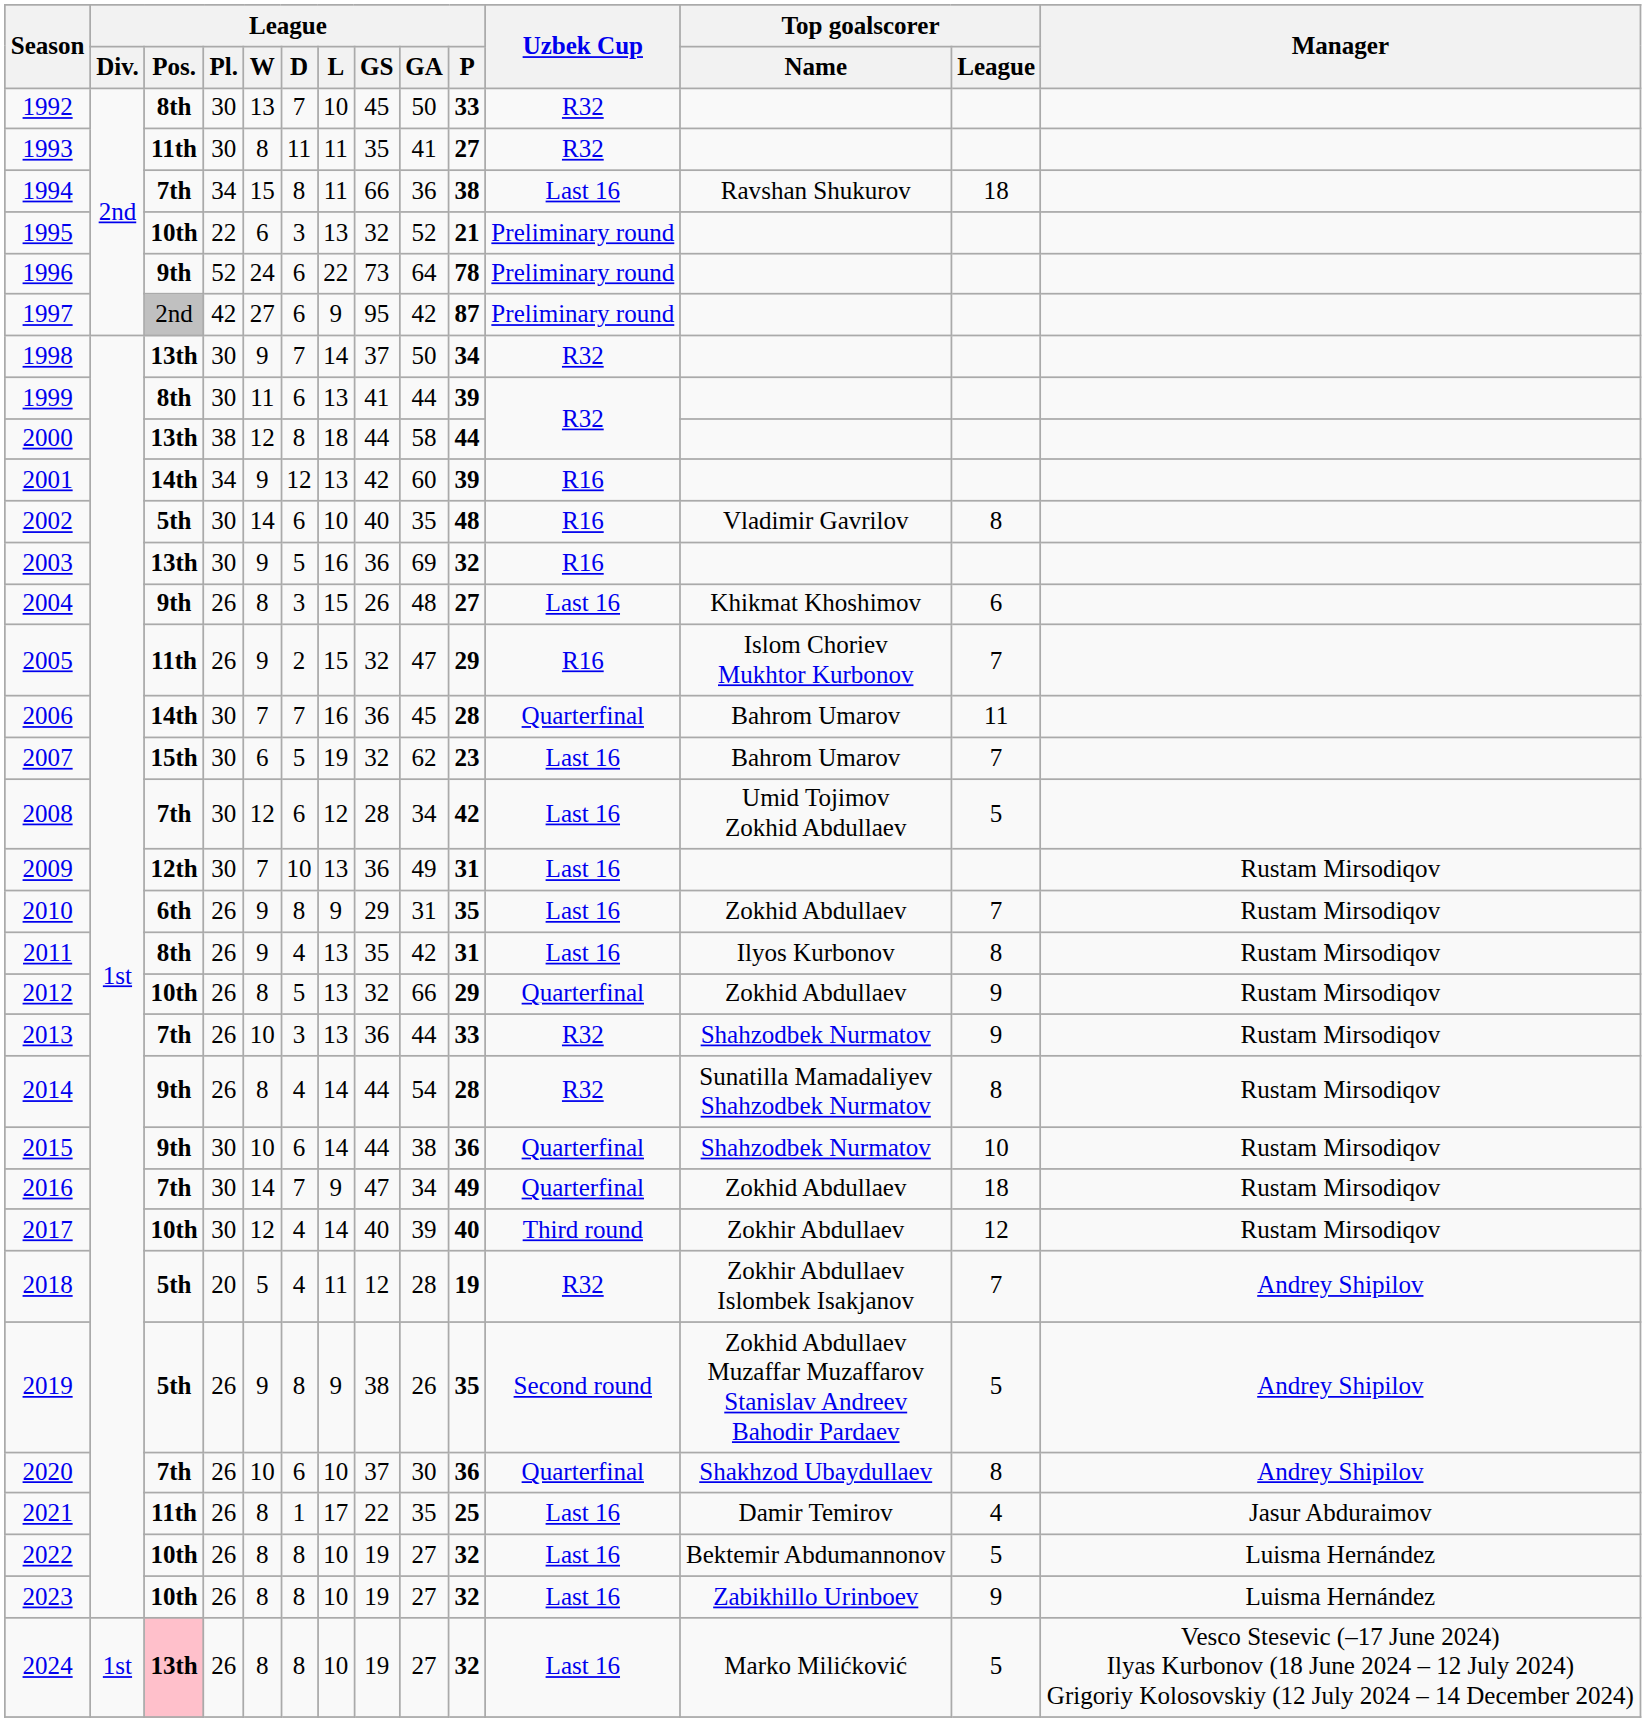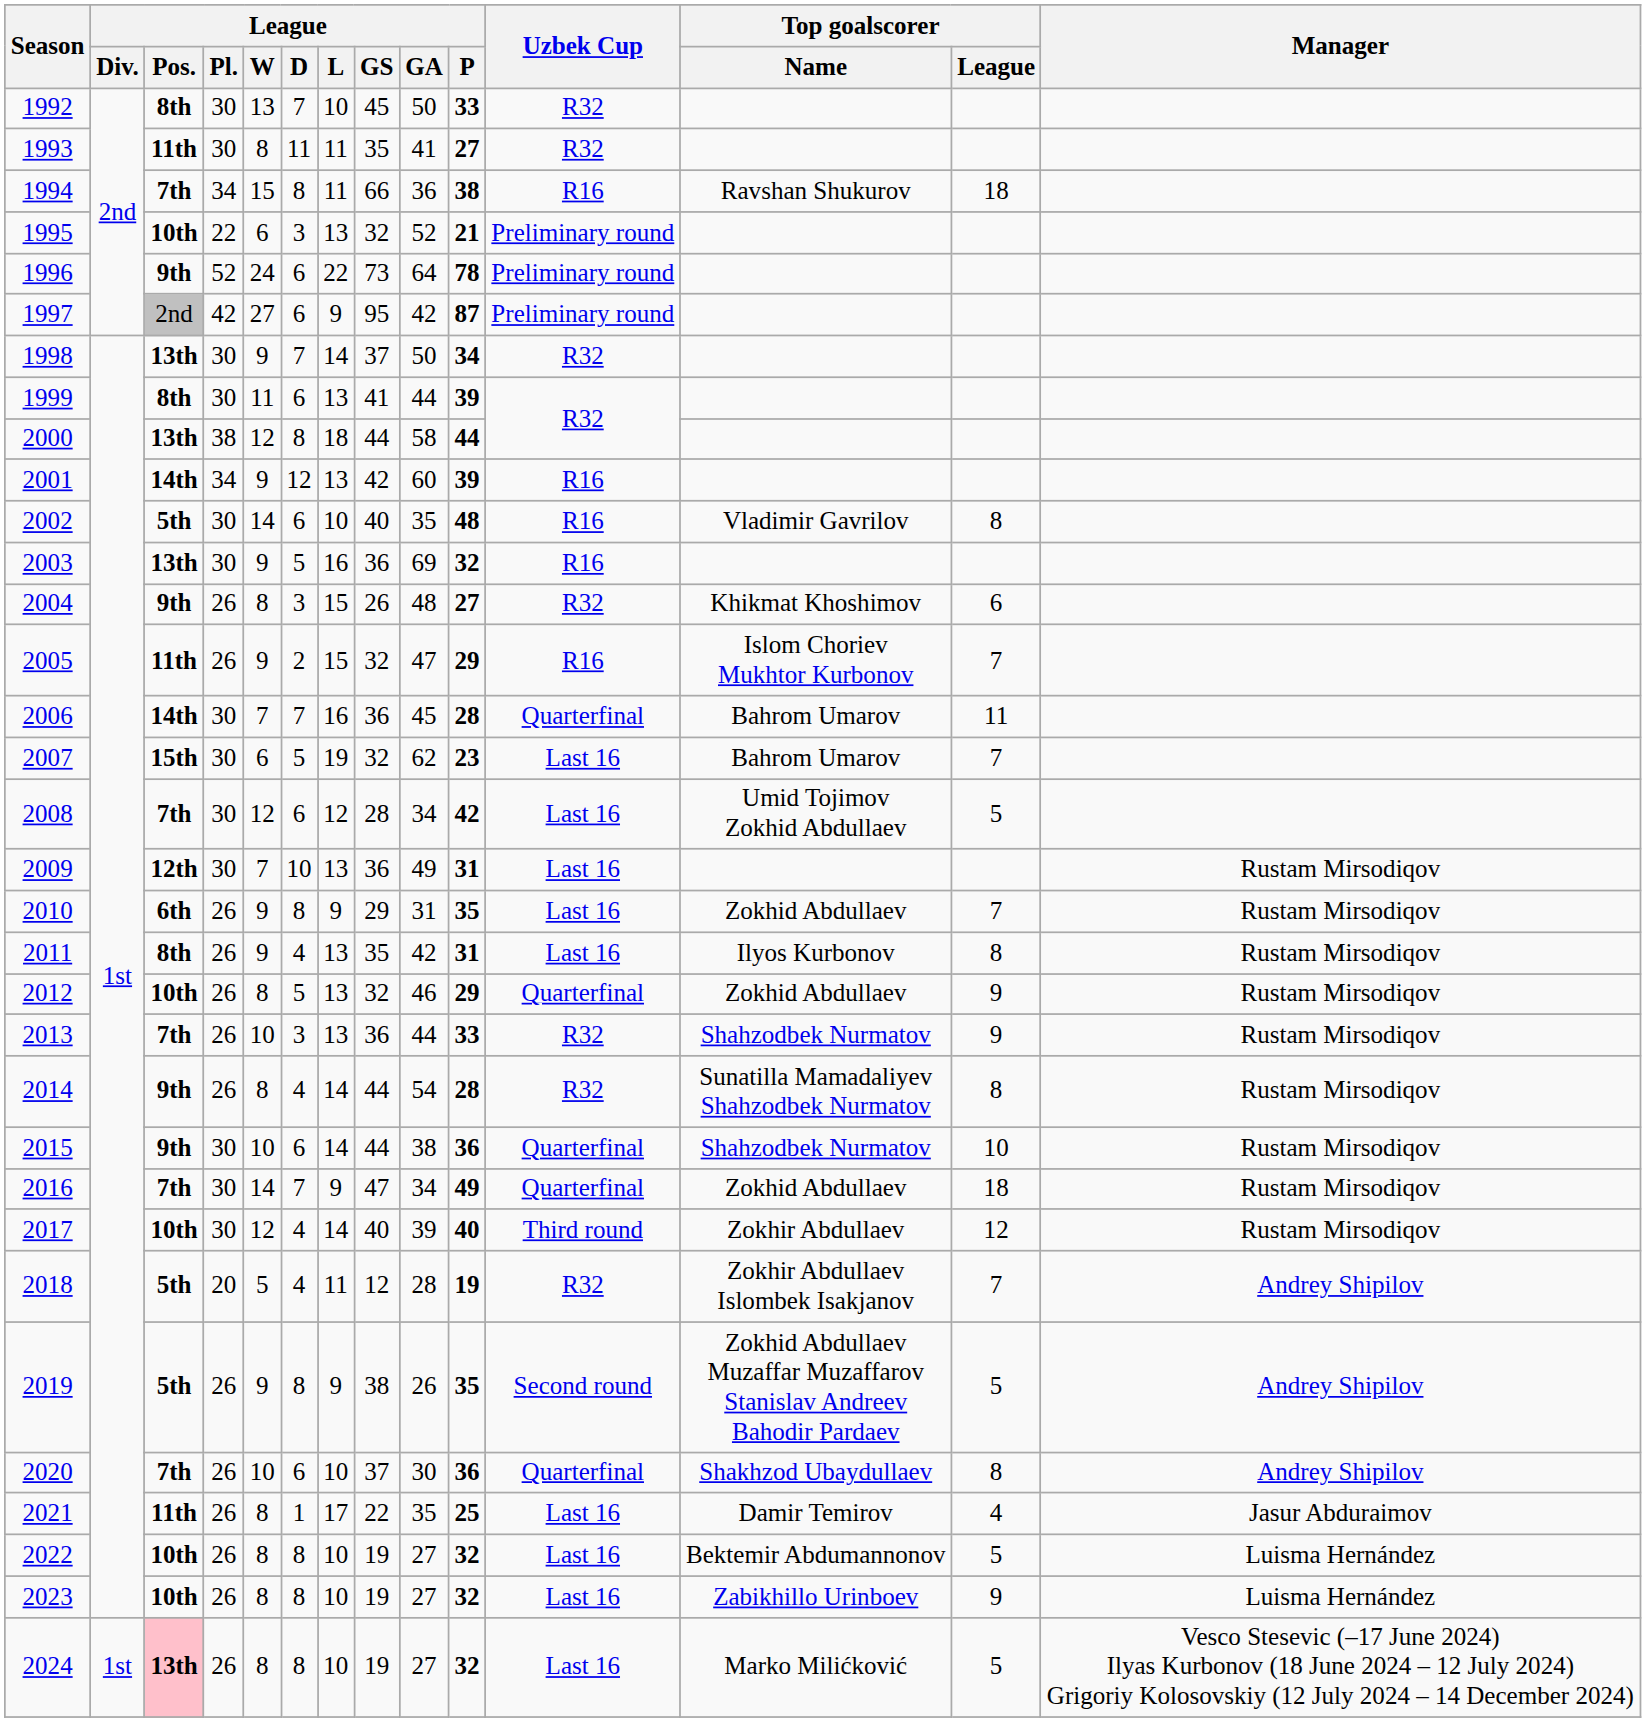 <table class="wikitable mw-collapsible mw-collapsed" align=center cellspacing="0" cellpadding="3" style="border:1px solid #AAAAAA;font-size:90%">
 <tr style="background:#efefef;">
 <th rowspan="2">Season</th>
 <th colspan="9">League</th>
 <th rowspan="2"><a href='#'>Uzbek Cup</a></th>
 <th colspan="2">Top goalscorer</th>
 <th rowspan="2">Manager</th>
 </tr>
 <tr>
 <th>Div.</th>
 <th>Pos.</th>
 <th>Pl.</th>
 <th>W</th>
 <th>D</th>
 <th>L</th>
 <th>GS</th>
 <th>GA</th>
 <th>P</th>
 <th>Name</th>
 <th>League</th>
 </tr>
 <tr>
 <td align=center><a href='#'>1992</a></td>
 <td rowspan=6 align=center><a href='#'>2nd</a></td>
 <td align=center><strong>8th</strong></td>
 <td align=center>30</td>
 <td align=center>13</td>
 <td align=center>7</td>
 <td align=center>10</td>
 <td align=center>45</td>
 <td align=center>50</td>
 <td align=center><strong>33</strong></td>
 <td align=center><a href='#'>R32</a></td>
 <td align=center></td>
 <td align=center></td>
 <td align=center></td>
 </tr>
 <tr>
 <td align=center><a href='#'>1993</a></td>
 <td align=center><strong>11th</strong></td>
 <td align=center>30</td>
 <td align=center>8</td>
 <td align=center>11</td>
 <td align=center>11</td>
 <td align=center>35</td>
 <td align=center>41</td>
 <td align=center><strong>27</strong></td>
 <td align=center><a href='#'>R32</a></td>
 <td align=center></td>
 <td align=center></td>
 <td align=center></td>
 </tr>
 <tr>
 <td align=center><a href='#'>1994</a></td>
 <td align=center><strong>7th</strong></td>
 <td align=center>34</td>
 <td align=center>15</td>
 <td align=center>8</td>
 <td align=center>11</td>
 <td align=center>66</td>
 <td align=center>36</td>
 <td align=center><strong>38</strong></td>
-<td align=center><a href='#'>Last 16</a></td>
+<td align=center><a href='#'>R16</a></td>
 <td align=center> Ravshan Shukurov</td>
 <td align=center>18</td>
 <td align=center></td>
 </tr>
 <tr>
 <td align=center><a href='#'>1995</a></td>
 <td align=center><strong>10th</strong></td>
 <td align=center>22</td>
 <td align=center>6</td>
 <td align=center>3</td>
 <td align=center>13</td>
 <td align=center>32</td>
 <td align=center>52</td>
 <td align=center><strong>21</strong></td>
 <td align=center><a href='#'>Preliminary round</a></td>
 <td align=center></td>
 <td align=center></td>
 <td align=center></td>
 </tr>
 <tr>
 <td align=center><a href='#'>1996</a></td>
 <td align=center><strong>9th</strong></td>
 <td align=center>52</td>
 <td align=center>24</td>
 <td align=center>6</td>
 <td align=center>22</td>
 <td align=center>73</td>
 <td align=center>64</td>
 <td align=center><strong>78</strong></td>
 <td align=center><a href='#'>Preliminary round</a></td>
 <td align=center></td>
 <td align=center></td>
 <td align=center></td>
 </tr>
 <tr>
 <td align=center><a href='#'>1997</a></td>
 <td style="text-align:center; background:silver;">2nd</td>
 <td align=center>42</td>
 <td align=center>27</td>
 <td align=center>6</td>
 <td align=center>9</td>
 <td align=center>95</td>
 <td align=center>42</td>
 <td align=center><strong>87</strong></td>
 <td align=center><a href='#'>Preliminary round</a></td>
 <td align=center></td>
 <td align=center></td>
 <td align=center></td>
 </tr>
 <tr>
 <td align=center><a href='#'>1998</a></td>
 <td rowspan=26 align=center><a href='#'>1st</a></td>
 <td align=center><strong>13th</strong></td>
 <td align=center>30</td>
 <td align=center>9</td>
 <td align=center>7</td>
 <td align=center>14</td>
 <td align=center>37</td>
 <td align=center>50</td>
 <td align=center><strong>34</strong></td>
 <td align=center><a href='#'>R32</a></td>
 <td align=center></td>
 <td align=center></td>
 <td align=center></td>
 </tr>
 <tr>
 <td align=center><a href='#'>1999</a></td>
 <td align=center><strong>8th</strong></td>
 <td align=center>30</td>
 <td align=center>11</td>
 <td align=center>6</td>
 <td align=center>13</td>
 <td align=center>41</td>
 <td align=center>44</td>
 <td align=center><strong>39</strong></td>
 <td rowspan="2" align=center><a href='#'>R32</a></td>
 <td align=center></td>
 <td align=center></td>
 <td align=center></td>
 </tr>
 <tr>
 <td align=center><a href='#'>2000</a></td>
 <td align=center><strong>13th</strong></td>
 <td align=center>38</td>
 <td align=center>12</td>
 <td align=center>8</td>
 <td align=center>18</td>
 <td align=center>44</td>
 <td align=center>58</td>
 <td align=center><strong>44</strong></td>
 <td align=center></td>
 <td align=center></td>
 <td align=center></td>
 </tr>
 <tr>
 <td align=center><a href='#'>2001</a></td>
 <td align=center><strong>14th</strong></td>
 <td align=center>34</td>
 <td align=center>9</td>
 <td align=center>12</td>
 <td align=center>13</td>
 <td align=center>42</td>
 <td align=center>60</td>
 <td align=center><strong>39</strong></td>
 <td align=center><a href='#'>R16</a></td>
 <td align=center></td>
 <td align=center></td>
 <td align=center></td>
 </tr>
 <tr>
 <td align=center><a href='#'>2002</a></td>
 <td align=center><strong>5th</strong></td>
 <td align=center>30</td>
 <td align=center>14</td>
 <td align=center>6</td>
 <td align=center>10</td>
 <td align=center>40</td>
 <td align=center>35</td>
 <td align=center><strong>48</strong></td>
 <td align=center><a href='#'>R16</a></td>
 <td align=center> Vladimir Gavrilov</td>
 <td align=center>8</td>
 <td align=center></td>
 </tr>
 <tr>
 <td align=center><a href='#'>2003</a></td>
 <td align=center><strong>13th</strong></td>
 <td align=center>30</td>
 <td align=center>9</td>
 <td align=center>5</td>
 <td align=center>16</td>
 <td align=center>36</td>
 <td align=center>69</td>
 <td align=center><strong>32</strong></td>
 <td style="text-align:center;"><a href='#'>R16</a></td>
 <td align=center></td>
 <td align=center></td>
 <td align=center></td>
 </tr>
 <tr>
 <td align=center><a href='#'>2004</a></td>
 <td align=center><strong>9th</strong></td>
 <td align=center>26</td>
 <td align=center>8</td>
 <td align=center>3</td>
 <td align=center>15</td>
 <td align=center>26</td>
 <td align=center>48</td>
 <td align=center><strong>27</strong></td>
-<td align=center><a href='#'>Last 16</a></td>
+<td align=center><a href='#'>R32</a></td>
 <td align=center> Khikmat Khoshimov</td>
 <td align=center>6</td>
 <td align=center></td>
 </tr>
 <tr>
 <td align=center><a href='#'>2005</a></td>
 <td align=center><strong>11th</strong></td>
 <td align=center>26</td>
 <td align=center>9</td>
 <td align=center>2</td>
 <td align=center>15</td>
 <td align=center>32</td>
 <td align=center>47</td>
 <td align=center><strong>29</strong></td>
 <td align=center><a href='#'>R16</a></td>
 <td align=center> Islom Choriev <br>  <a href='#'>Mukhtor Kurbonov</a></td>
 <td align=center>7</td>
 <td align=center></td>
 </tr>
 <tr>
 <td align=center><a href='#'>2006</a></td>
 <td align=center><strong>14th</strong></td>
 <td align=center>30</td>
 <td align=center>7</td>
 <td align=center>7</td>
 <td align=center>16</td>
 <td align=center>36</td>
 <td align=center>45</td>
 <td align=center><strong>28</strong></td>
 <td align=center><a href='#'>Quarterfinal</a></td>
 <td align=center> Bahrom Umarov</td>
 <td align=center>11</td>
 <td align=center></td>
 </tr>
 <tr>
 <td align=center><a href='#'>2007</a></td>
 <td align=center><strong>15th</strong></td>
 <td align=center>30</td>
 <td align=center>6</td>
 <td align=center>5</td>
 <td align=center>19</td>
 <td align=center>32</td>
 <td align=center>62</td>
 <td align=center><strong>23</strong></td>
 <td align=center><a href='#'>Last 16</a></td>
 <td align=center> Bahrom Umarov</td>
 <td align=center>7</td>
 <td align=center></td>
 </tr>
 <tr>
 <td align=center><a href='#'>2008</a></td>
 <td align=center><strong>7th</strong></td>
 <td align=center>30</td>
 <td align=center>12</td>
 <td align=center>6</td>
 <td align=center>12</td>
 <td align=center>28</td>
 <td align=center>34</td>
 <td align=center><strong>42</strong></td>
 <td align=center><a href='#'>Last 16</a></td>
 <td align=center> Umid Tojimov <br>  Zokhid Abdullaev</td>
 <td align=center>5</td>
 <td align=center></td>
 </tr>
 <tr>
 <td align=center><a href='#'>2009</a></td>
 <td align=center><strong>12th</strong></td>
 <td align=center>30</td>
 <td align=center>7</td>
 <td align=center>10</td>
 <td align=center>13</td>
 <td align=center>36</td>
 <td align=center>49</td>
 <td align=center><strong>31</strong></td>
 <td align=center><a href='#'>Last 16</a></td>
 <td align=center></td>
 <td align=center></td>
 <td align=center> Rustam Mirsodiqov</td>
 </tr>
 <tr>
 <td align=center><a href='#'>2010</a></td>
 <td align=center><strong>6th</strong></td>
 <td align=center>26</td>
 <td align=center>9</td>
 <td align=center>8</td>
 <td align=center>9</td>
 <td align=center>29</td>
 <td align=center>31</td>
 <td align=center><strong>35</strong></td>
 <td align=center><a href='#'>Last 16</a></td>
 <td align=center> Zokhid Abdullaev</td>
 <td align=center>7</td>
 <td align=center> Rustam Mirsodiqov</td>
 </tr>
 <tr>
 <td align=center><a href='#'>2011</a></td>
 <td align=center><strong>8th</strong></td>
 <td align=center>26</td>
 <td align=center>9</td>
 <td align=center>4</td>
 <td align=center>13</td>
 <td align=center>35</td>
 <td align=center>42</td>
 <td align=center><strong>31</strong></td>
 <td align=center><a href='#'>Last 16</a></td>
 <td align=center> Ilyos Kurbonov</td>
 <td align=center>8</td>
 <td align=center> Rustam Mirsodiqov</td>
 </tr>
 <tr>
 <td align=center><a href='#'>2012</a></td>
 <td align=center><strong>10th</strong></td>
 <td align=center>26</td>
 <td align=center>8</td>
 <td align=center>5</td>
 <td align=center>13</td>
 <td align=center>32</td>
-<td align=center>66</td>
+<td align=center>46</td>
 <td align=center><strong>29</strong></td>
 <td align=center><a href='#'>Quarterfinal</a></td>
 <td align=center> Zokhid Abdullaev</td>
 <td align=center>9</td>
 <td align=center> Rustam Mirsodiqov</td>
 </tr>
 <tr>
 <td align=center><a href='#'>2013</a></td>
 <td align=center><strong>7th</strong></td>
 <td align=center>26</td>
 <td align=center>10</td>
 <td align=center>3</td>
 <td align=center>13</td>
 <td align=center>36</td>
 <td align=center>44</td>
 <td align=center><strong>33</strong></td>
 <td align=center><a href='#'>R32</a></td>
 <td align=center> <a href='#'>Shahzodbek Nurmatov</a></td>
 <td align=center>9</td>
 <td align=center> Rustam Mirsodiqov</td>
 </tr>
 <tr>
 <td align=center><a href='#'>2014</a></td>
 <td align=center><strong>9th</strong></td>
 <td align=center>26</td>
 <td align=center>8</td>
 <td align=center>4</td>
 <td align=center>14</td>
 <td align=center>44</td>
 <td align=center>54</td>
 <td align=center><strong>28</strong></td>
 <td align=center><a href='#'>R32</a></td>
 <td align=center> Sunatilla Mamadaliyev <br>  <a href='#'>Shahzodbek Nurmatov</a></td>
 <td align=center>8</td>
 <td align=center> Rustam Mirsodiqov</td>
 </tr>
 <tr>
 <td align=center><a href='#'>2015</a></td>
 <td align=center><strong>9th</strong></td>
 <td align=center>30</td>
 <td align=center>10</td>
 <td align=center>6</td>
 <td align=center>14</td>
 <td align=center>44</td>
 <td align=center>38</td>
 <td align=center><strong>36</strong></td>
 <td align=center><a href='#'>Quarterfinal</a></td>
 <td align=center> <a href='#'>Shahzodbek Nurmatov</a></td>
 <td align=center>10</td>
 <td align=center> Rustam Mirsodiqov</td>
 </tr>
 <tr>
 <td align=center><a href='#'>2016</a></td>
 <td align=center><strong>7th</strong></td>
 <td align=center>30</td>
 <td align=center>14</td>
 <td align=center>7</td>
 <td align=center>9</td>
 <td align=center>47</td>
 <td align=center>34</td>
 <td align=center><strong>49</strong></td>
 <td align=center><a href='#'>Quarterfinal</a></td>
 <td align=center> Zokhid Abdullaev</td>
 <td align=center>18</td>
 <td align=center> Rustam Mirsodiqov</td>
 </tr>
 <tr>
 <td align=center><a href='#'>2017</a></td>
 <td align:center><strong>10th</strong></td>
 <td align=center>30</td>
 <td align=center>12</td>
 <td align=center>4</td>
 <td align=center>14</td>
 <td align=center>40</td>
 <td align=center>39</td>
 <td align=center><strong>40</strong></td>
 <td align=center><a href='#'>Third round</a></td>
 <td align=center> Zokhir Abdullaev</td>
 <td align=center>12</td>
 <td align=center> Rustam Mirsodiqov</td>
 </tr>
 <tr>
 <td align=center><a href='#'>2018</a></td>
 <td align=center><strong>5th</strong></td>
 <td align=center>20</td>
 <td align=center>5</td>
 <td align=center>4</td>
 <td align=center>11</td>
 <td align=center>12</td>
 <td align=center>28</td>
 <td align=center><strong>19</strong></td>
 <td align=center><a href='#'>R32</a></td>
 <td align=center> Zokhir Abdullaev <br>  Islombek Isakjanov</td>
 <td align=center>7</td>
 <td align=center> <a href='#'>Andrey Shipilov</a></td>
 </tr>
 <tr>
 <td align=center><a href='#'>2019</a></td>
 <td align=center><strong>5th</strong></td>
 <td align=center>26</td>
 <td align=center>9</td>
 <td align=center>8</td>
 <td align=center>9</td>
 <td align=center>38</td>
 <td align=center>26</td>
 <td align=center><strong>35</strong></td>
 <td align=center><a href='#'>Second round</a></td>
 <td align=center> Zokhid Abdullaev <br>  Muzaffar Muzaffarov <br>  <a href='#'>Stanislav Andreev</a> <br>  <a href='#'>Bahodir Pardaev</a></td>
 <td align=center>5</td>
 <td align=center> <a href='#'>Andrey Shipilov</a></td>
 </tr>
 <tr>
 <td align=center><a href='#'>2020</a></td>
 <td align=center><strong>7th</strong></td>
 <td align=center>26</td>
 <td align=center>10</td>
 <td align=center>6</td>
 <td align=center>10</td>
 <td align=center>37</td>
 <td align=center>30</td>
 <td align=center><strong>36</strong></td>
 <td align=center><a href='#'>Quarterfinal</a></td>
 <td align=center> <a href='#'>Shakhzod Ubaydullaev</a></td>
 <td align=center>8</td>
 <td align=center> <a href='#'>Andrey Shipilov</a></td>
 </tr>
 <tr>
 <td align=center><a href='#'>2021</a></td>
 <td align=center><strong>11th</strong></td>
 <td align=center>26</td>
 <td align=center>8</td>
 <td align=center>1</td>
 <td align=center>17</td>
 <td align=center>22</td>
 <td align=center>35</td>
 <td align=center><strong>25</strong></td>
 <td align=center><a href='#'>Last 16</a></td>
 <td align=center> Damir Temirov</td>
 <td align=center>4</td>
 <td align=center> Jasur Abduraimov</td>
 </tr>
 <tr>
 <td align=center><a href='#'>2022</a></td>
 <td align=center><strong>10th</strong></td>
 <td align=center>26</td>
 <td align=center>8</td>
 <td align=center>8</td>
 <td align=center>10</td>
 <td align=center>19</td>
 <td align=center>27</td>
 <td align=center><strong>32</strong></td>
 <td align=center><a href='#'>Last 16</a></td>
 <td align=center> Bektemir Abdumannonov</td>
 <td align=center>5</td>
 <td align=center> Luisma Hernández</td>
 </tr>
 <tr>
 <td align=center><a href='#'>2023</a></td>
 <td align=center><strong>10th</strong></td>
 <td align=center>26</td>
 <td align=center>8</td>
 <td align=center>8</td>
 <td align=center>10</td>
 <td align=center>19</td>
 <td align=center>27</td>
 <td align=center><strong>32</strong></td>
 <td align=center><a href='#'>Last 16</a></td>
 <td align=center> <a href='#'>Zabikhillo Urinboev</a></td>
 <td align=center>9</td>
 <td align=center> Luisma Hernández</td>
 </tr>
 <tr>
 <td align=center><a href='#'>2024</a></td>
 <td align=center><a href='#'>1st</a></td>
 <td bgcolor=pink align=center><strong>13th</strong></td>
 <td align=center>26</td>
 <td align=center>8</td>
 <td align=center>8</td>
 <td align=center>10</td>
 <td align=center>19</td>
 <td align=center>27</td>
 <td align=center><strong>32</strong></td>
 <td align=center><a href='#'>Last 16</a></td>
 <td align=center> Marko Milićković</td>
 <td align=center>5</td>
 <td align=center> Vesco Stesevic (–17 June 2024) <br>  Ilyas Kurbonov (18 June 2024 – 12 July 2024) <br>  Grigoriy Kolosovskiy (12 July 2024 – 14 December 2024)</td>
 </tr>
 </table>
